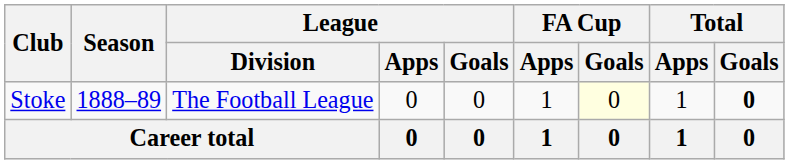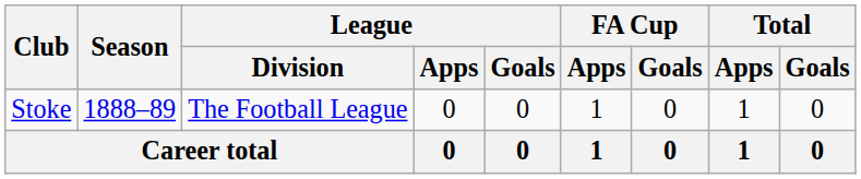 <table class="wikitable" style="text-align: center;">
 <tr>
 <th rowspan="2">Club</th>
 <th rowspan="2">Season</th>
 <th colspan="3">League</th>
 <th colspan="2">FA Cup</th>
 <th colspan="2">Total</th>
 </tr>
 <tr>
 <th>Division</th>
 <th>Apps</th>
 <th>Goals</th>
 <th>Apps</th>
 <th>Goals</th>
 <th>Apps</th>
 <th>Goals</th>
 </tr>
 <tr>
 <td><a href='#'>Stoke</a></td>
 <td><a href='#'>1888–89</a></td>
 <td><a href='#'>The Football League</a></td>
 <td>0</td>
 <td>0</td>
 <td>1</td>
-<td style="background: lightyellow;">0</td>
+<td>0</td>
 <td>1</td>
-<td><strong>0</strong></td>
+<td>0</td>
 </tr>
 <tr>
 <th colspan=3>Career total</th>
 <th>0</th>
 <th>0</th>
 <th>1</th>
 <th>0</th>
 <th>1</th>
 <th>0</th>
 </tr>
 </table>
